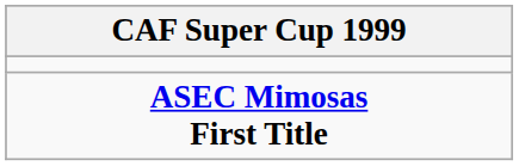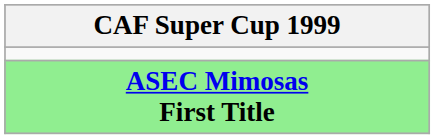 <table class="wikitable" style="margin: 0 auto; width: 20%;">
 <tr>
 <th>CAF Super Cup 1999</th>
 </tr>
 <tr>
 <td align=center></td>
 </tr>
 <tr>
-<td align=center><strong><a href='#'>ASEC Mimosas</a></strong><br><strong>First Title</strong> <br></td>
+<td align=center style="background: lightgreen;"><strong><a href='#'>ASEC Mimosas</a></strong><br><strong>First Title</strong> <br></td>
 </tr>
 </table>
